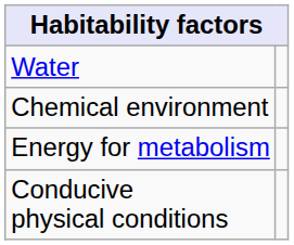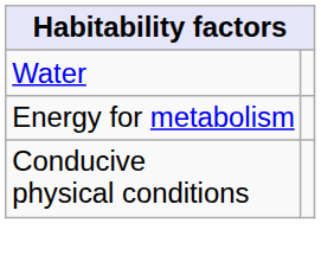 <table class="wikitable">
 <tr>
 <th style="align: center; background: lavender;" colspan="2"><strong>Habitability factors</strong></th>
 </tr>
 <tr>
 <td><a href='#'>Water</a></td>
-<td></td>
-</tr>
-<tr>
-<td>Chemical environment</td>
 <td></td>
 </tr>
 <tr>
 <td>Energy for <a href='#'>metabolism</a></td>
 <td></td>
 </tr>
 <tr>
 <td>Conducive <br>physical conditions</td>
 <td></td>
 </tr>
 </table>
